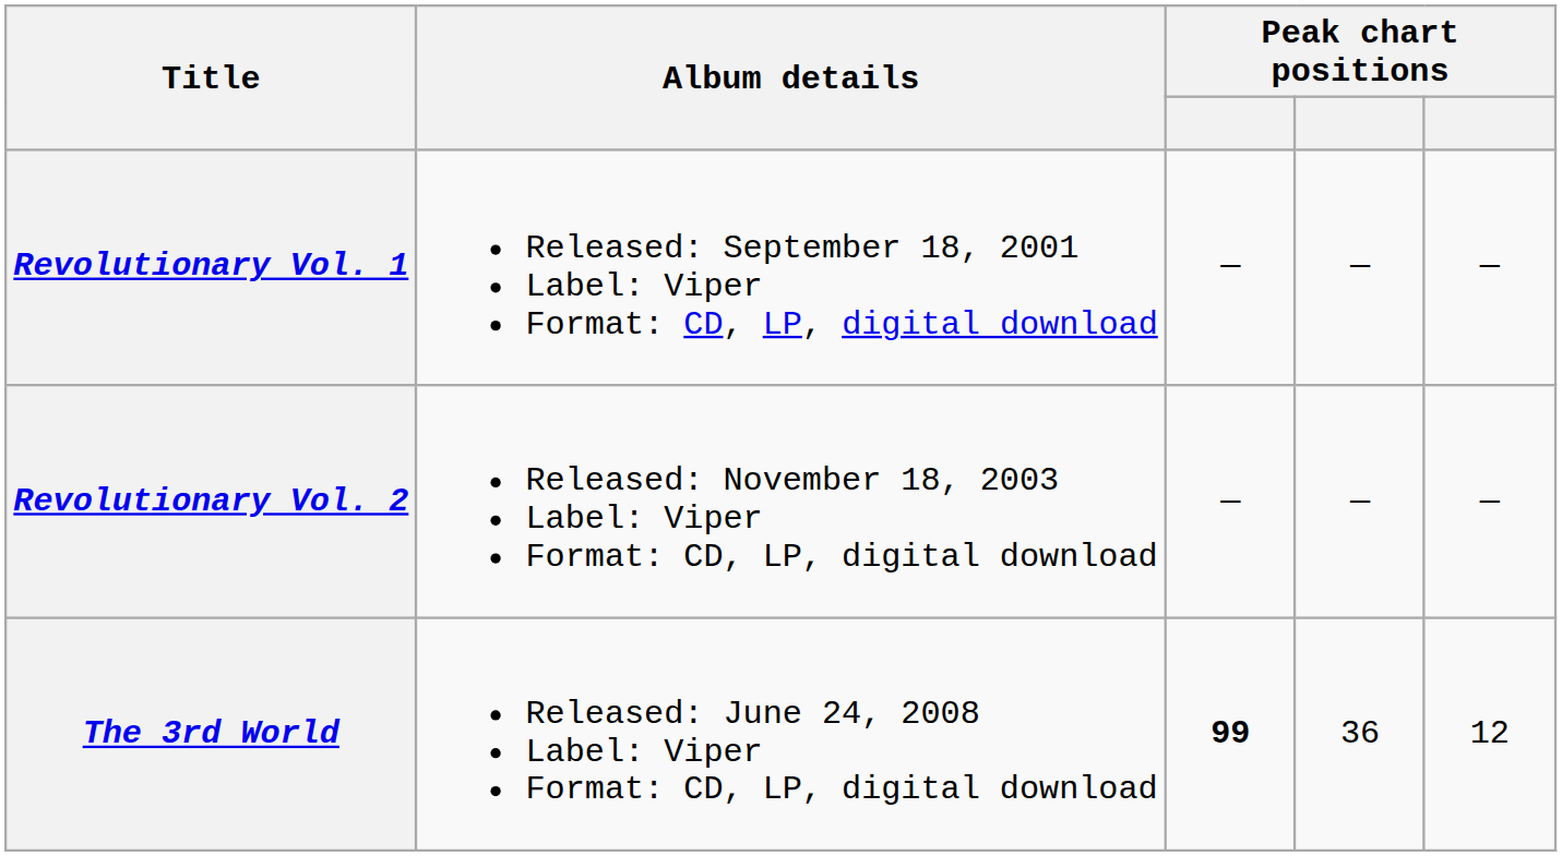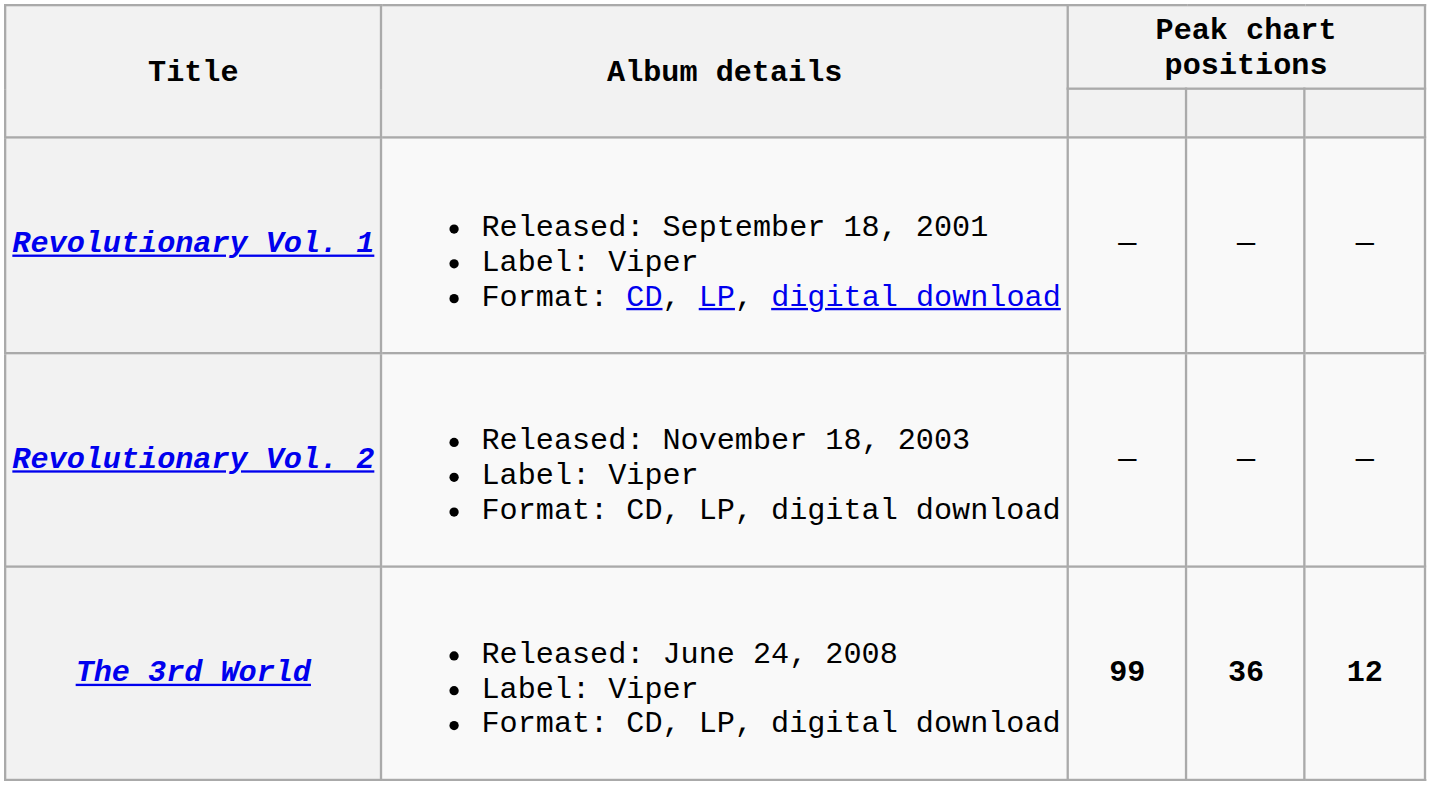 <table class="wikitable">
 <tr>
 <th align=center rowspan=2>Title</th>
 <th align=center rowspan=2>Album details</th>
 <th align=center colspan=3>Peak chart positions</th>
 </tr>
 <tr>
 <th align=center width=45><br></th>
 <th align=center width=45><br></th>
 <th align=center width=45><br></th>
 </tr>
 <tr>
 <th><strong><em><a href='#'>Revolutionary Vol. 1</a></em></strong></th>
 <td><br><ul><li>Released: September 18, 2001</li><li>Label: Viper</li><li>Format: <a href='#'>CD</a>, <a href='#'>LP</a>, <a href='#'>digital download</a></li></ul></td>
 <td align=center>—</td>
 <td align=center>—</td>
 <td align=center>—</td>
 </tr>
 <tr>
 <th><strong><em><a href='#'>Revolutionary Vol. 2</a></em></strong></th>
 <td><br><ul><li>Released: November 18, 2003</li><li>Label: Viper</li><li>Format: CD, LP, digital download</li></ul></td>
 <td align=center>—</td>
 <td align=center>—</td>
 <td align=center>—</td>
 </tr>
 <tr>
 <th><strong><em><a href='#'>The 3rd World</a></em></strong></th>
 <td><br><ul><li>Released: June 24, 2008</li><li>Label: Viper</li><li>Format: CD, LP, digital download</li></ul></td>
 <td align=center><strong>99</strong></td>
-<td align=center>36</td>
-<td align=center>12</td>
+<td align=center><strong>36</strong></td>
+<td align=center><strong>12</strong></td>
 </tr>
 <tr>
 </tr>
 </table>
